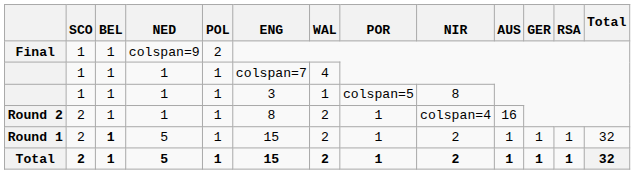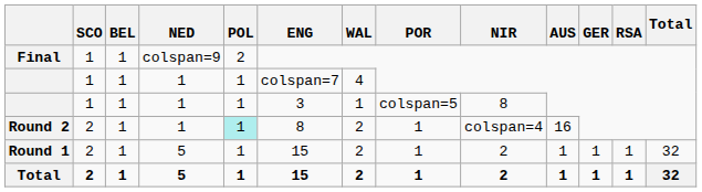 <table class="wikitable">
 <tr>
 <th></th>
 <th><br>SCO</th>
 <th><br>BEL</th>
 <th><br>NED</th>
 <th><br>POL</th>
 <th><br>ENG</th>
 <th><br>WAL</th>
 <th><br>POR</th>
 <th><br>NIR</th>
 <th><br>AUS</th>
 <th><br>GER</th>
 <th><br>RSA</th>
 <th>Total</th>
 </tr>
 <tr align="center">
 <th>Final</th>
 <td>1</td>
 <td>1</td>
 <td>colspan=9 </td>
 <td>2</td>
 </tr>
 <tr align="center">
 <th></th>
 <td>1</td>
 <td>1</td>
 <td>1</td>
 <td>1</td>
 <td>colspan=7 </td>
 <td>4</td>
 </tr>
 <tr align="center">
 <th></th>
 <td>1</td>
 <td>1</td>
 <td>1</td>
 <td>1</td>
 <td>3</td>
 <td>1</td>
 <td>colspan=5 </td>
 <td>8</td>
 </tr>
 <tr align="center">
 <th>Round 2</th>
 <td>2</td>
 <td>1</td>
 <td>1</td>
-<td>1</td>
+<td style="background: paleturquoise;">1</td>
 <td>8</td>
 <td>2</td>
 <td>1</td>
 <td>colspan=4 </td>
 <td>16</td>
 </tr>
 <tr align="center">
 <th>Round 1</th>
 <td>2</td>
-<td><strong>1</strong></td>
+<td>1</td>
 <td>5</td>
 <td>1</td>
 <td>15</td>
 <td>2</td>
 <td>1</td>
 <td>2</td>
 <td>1</td>
 <td>1</td>
 <td>1</td>
 <td>32</td>
 </tr>
 <tr align="center">
 <th>Total</th>
 <td><strong>2</strong></td>
 <td><strong>1</strong></td>
 <td><strong>5</strong></td>
 <td><strong>1</strong></td>
 <td><strong>15</strong></td>
 <td><strong>2</strong></td>
 <td><strong>1</strong></td>
 <td><strong>2</strong></td>
 <td><strong>1</strong></td>
 <td><strong>1</strong></td>
 <td><strong>1</strong></td>
 <th>32</th>
 </tr>
 </table>
